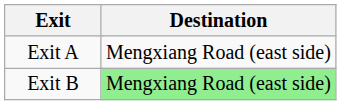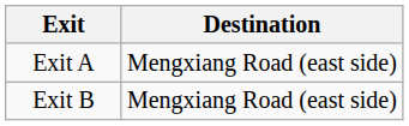 <table class="wikitable">
 <tr>
 <th style="width:70px" colspan="2">Exit</th>
 <th>Destination</th>
 </tr>
 <tr>
 <td align="center" colspan="2">Exit A</td>
 <td>Mengxiang Road (east side)</td>
 </tr>
 <tr>
 <td align="center" colspan="2">Exit B</td>
-<td style="background: lightgreen;">Mengxiang Road (east side)</td>
+<td>Mengxiang Road (east side)</td>
 </tr>
 </table>
